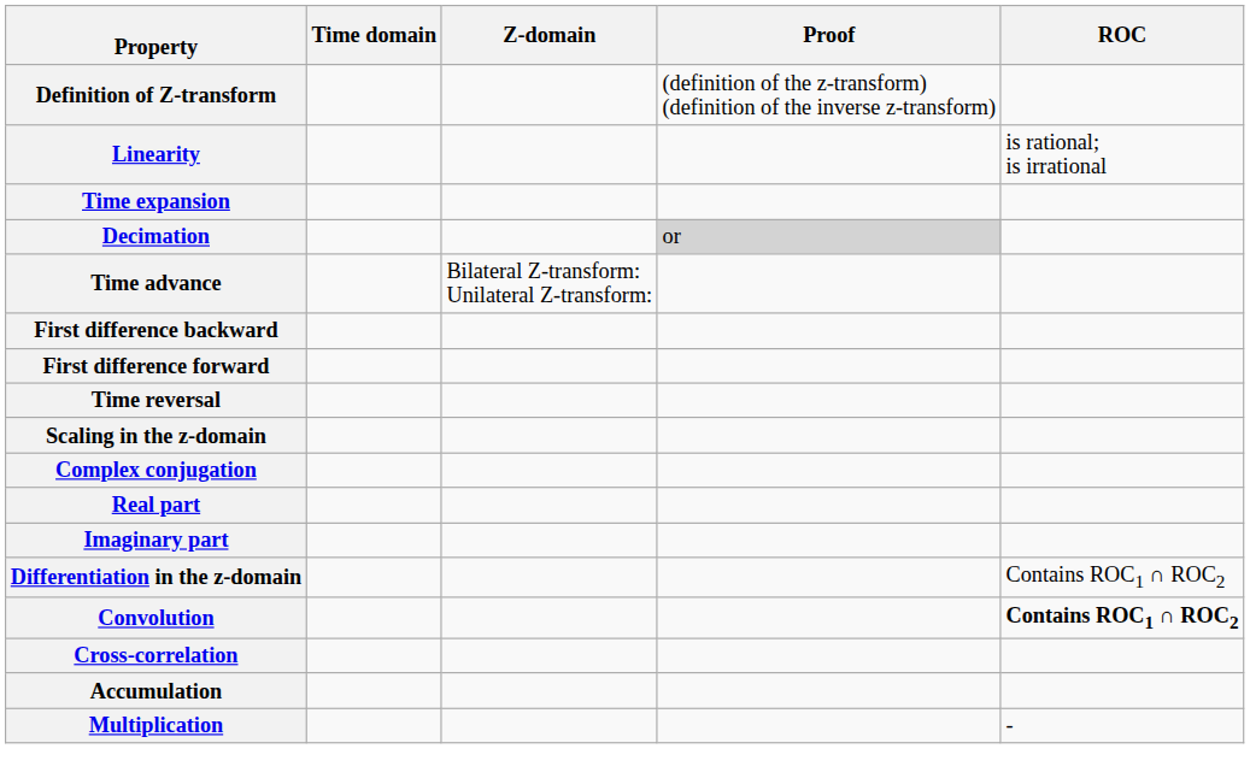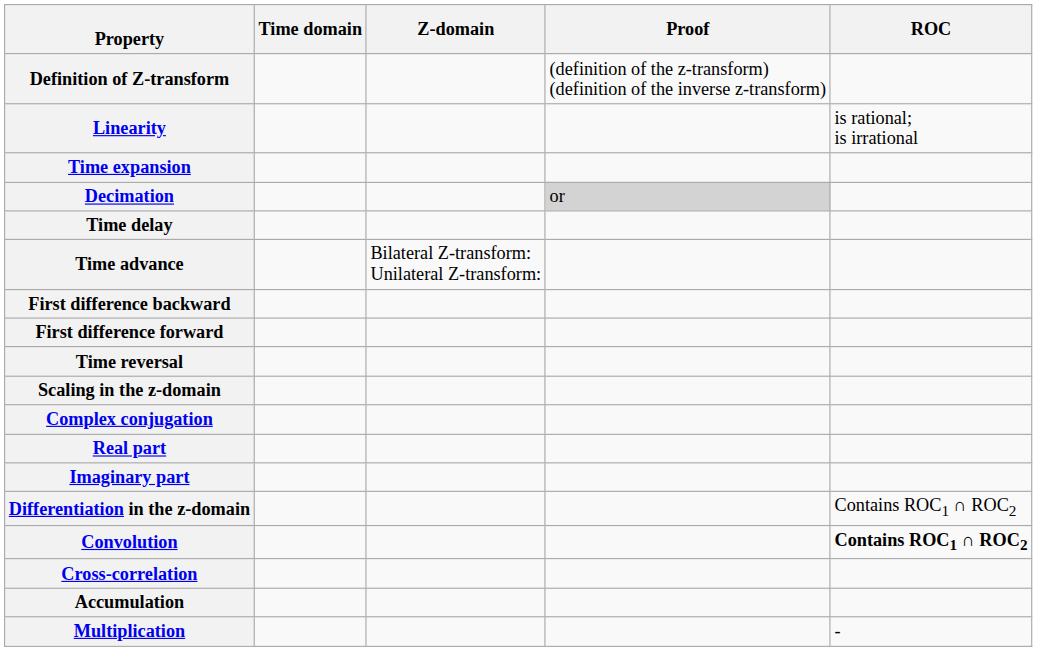 <table class="wikitable">
 <tr>
 <th><br>Property</th>
 <th>Time domain</th>
 <th>Z-domain</th>
 <th>Proof</th>
 <th>ROC</th>
 </tr>
 <tr>
 <th>Definition of Z-transform</th>
 <td></td>
 <td></td>
 <td> (definition of the z-transform)<br> (definition of the inverse z-transform)</td>
 <td></td>
 </tr>
 <tr>
 <th><a href='#'>Linearity</a></th>
 <td></td>
 <td></td>
 <td></td>
 <td> is rational;<br> is irrational</td>
 </tr>
 <tr>
 <th><a href='#'>Time expansion</a></th>
 <td><br></td>
 <td></td>
 <td></td>
 <td></td>
 </tr>
 <tr>
 <th><a href='#'>Decimation</a></th>
 <td></td>
 <td></td>
 <td style="background: lightgrey;"> or </td>
+<td></td>
+</tr>
+<tr>
+<th>Time delay</th>
+<td><br></td>
+<td></td>
+<td></td>
 <td></td>
 </tr>
 <tr>
 <th>Time advance</th>
 <td><br></td>
 <td>Bilateral Z-transform:<br> Unilateral Z-transform:</td>
 <td></td>
 <td></td>
 </tr>
 <tr>
 <th>First difference backward</th>
 <td><br></td>
 <td></td>
 <td></td>
 <td></td>
 </tr>
 <tr>
 <th>First difference forward</th>
 <td></td>
 <td></td>
 <td></td>
 <td></td>
 </tr>
 <tr>
 <th>Time reversal</th>
 <td></td>
 <td></td>
 <td></td>
 <td></td>
 </tr>
 <tr>
 <th>Scaling in the z-domain</th>
 <td></td>
 <td></td>
 <td></td>
 <td></td>
 </tr>
 <tr>
 <th><a href='#'>Complex conjugation</a></th>
 <td></td>
 <td></td>
 <td></td>
 <td></td>
 </tr>
 <tr>
 <th><a href='#'>Real part</a></th>
 <td></td>
 <td></td>
 <td></td>
 <td></td>
 </tr>
 <tr>
 <th><a href='#'>Imaginary part</a></th>
 <td></td>
 <td></td>
 <td></td>
 <td></td>
 </tr>
 <tr>
 <th><a href='#'>Differentiation</a> in the z-domain</th>
 <td></td>
 <td></td>
 <td></td>
 <td>Contains ROC<sub>1</sub> ∩ ROC<sub>2</sub></td>
 </tr>
 <tr>
 <th><a href='#'>Convolution</a></th>
 <td></td>
 <td></td>
 <td></td>
 <td><strong>Contains ROC<sub>1</sub> ∩ ROC<sub>2</sub></strong></td>
 </tr>
 <tr>
 <th><a href='#'>Cross-correlation</a></th>
 <td></td>
 <td></td>
 <td></td>
 <td></td>
 </tr>
 <tr>
 <th>Accumulation</th>
 <td></td>
 <td></td>
 <td></td>
 <td></td>
 </tr>
 <tr>
 <th><a href='#'>Multiplication</a></th>
 <td></td>
 <td></td>
 <td></td>
 <td>-</td>
 </tr>
 </table>
